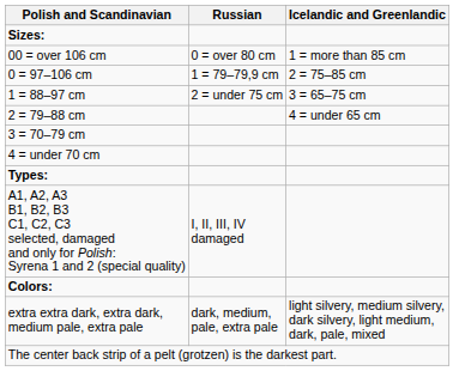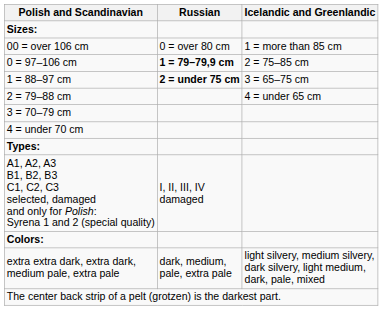 <table class="wikitable" style="text-align:left">
 <tr>
 <th>Polish and Scandinavian</th>
 <th>Russian</th>
 <th>Icelandic and Greenlandic</th>
 </tr>
 <tr>
 <td><strong>Sizes:</strong></td>
 <td></td>
 <td></td>
 </tr>
 <tr>
 <td>00 = over 106 cm</td>
 <td>0 = over 80 cm</td>
 <td>1 = more than 85 cm</td>
 </tr>
 <tr>
 <td>0 = 97–106 cm</td>
-<td>1 = 79–79,9 cm</td>
+<td><strong>1 = 79–79,9 cm</strong></td>
 <td>2 = 75–85 cm</td>
 </tr>
 <tr>
 <td>1 = 88–97 cm</td>
-<td>2 = under 75 cm</td>
+<td><strong>2 = under 75 cm</strong></td>
 <td>3 = 65–75 cm</td>
 </tr>
 <tr>
 <td>2 = 79–88 cm</td>
 <td></td>
 <td>4 = under 65 cm</td>
 </tr>
 <tr>
 <td>3 = 70–79 cm</td>
 <td></td>
 <td></td>
 </tr>
 <tr>
 <td>4 = under 70 cm</td>
 <td></td>
 <td></td>
 </tr>
 <tr>
 <td><strong>Types:</strong></td>
 <td></td>
 <td></td>
 </tr>
 <tr>
 <td>A1, A2, A3<br>B1, B2, B3<br>C1, C2, C3<br>selected, damaged<br>and only for <em>Polish</em>:<br>Syrena 1 and 2 (special quality)</td>
 <td>I, II, III, IV<br> damaged</td>
 <td></td>
 </tr>
 <tr>
 <td><strong>Colors:</strong></td>
 <td></td>
 <td></td>
 </tr>
 <tr>
 <td>extra extra dark, extra dark,<br>medium pale, extra pale</td>
 <td>dark, medium,<br>pale, extra pale</td>
 <td>light silvery, medium silvery,<br>dark silvery, light medium,<br>dark, pale, mixed</td>
 </tr>
 <tr>
 <td colspan="3">The center back strip of a pelt (grotzen) is the darkest part.</td>
 </tr>
 </table>
